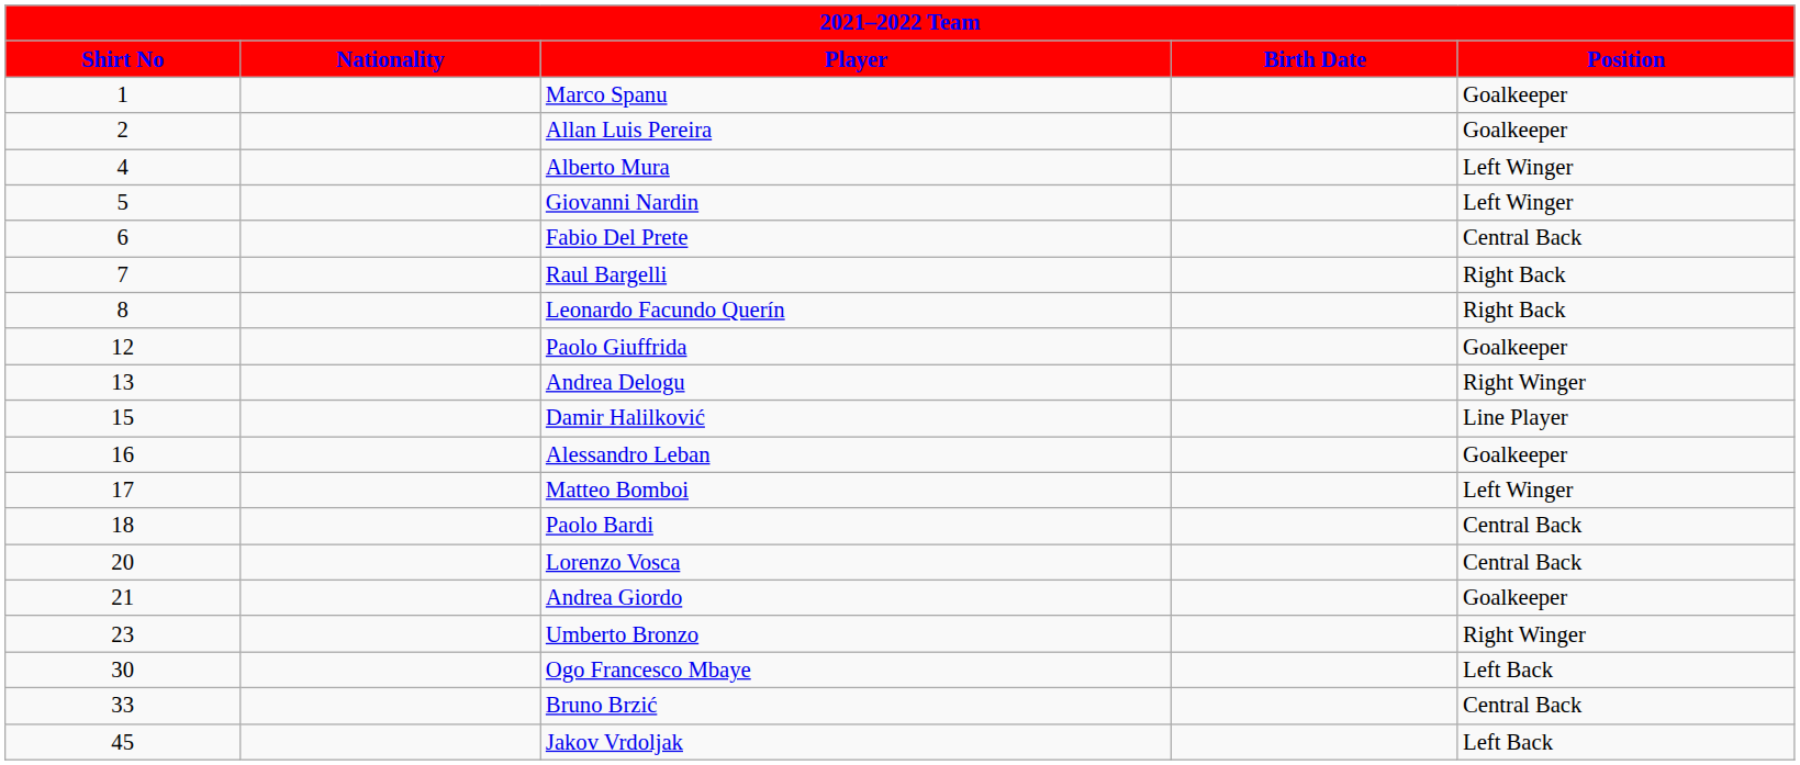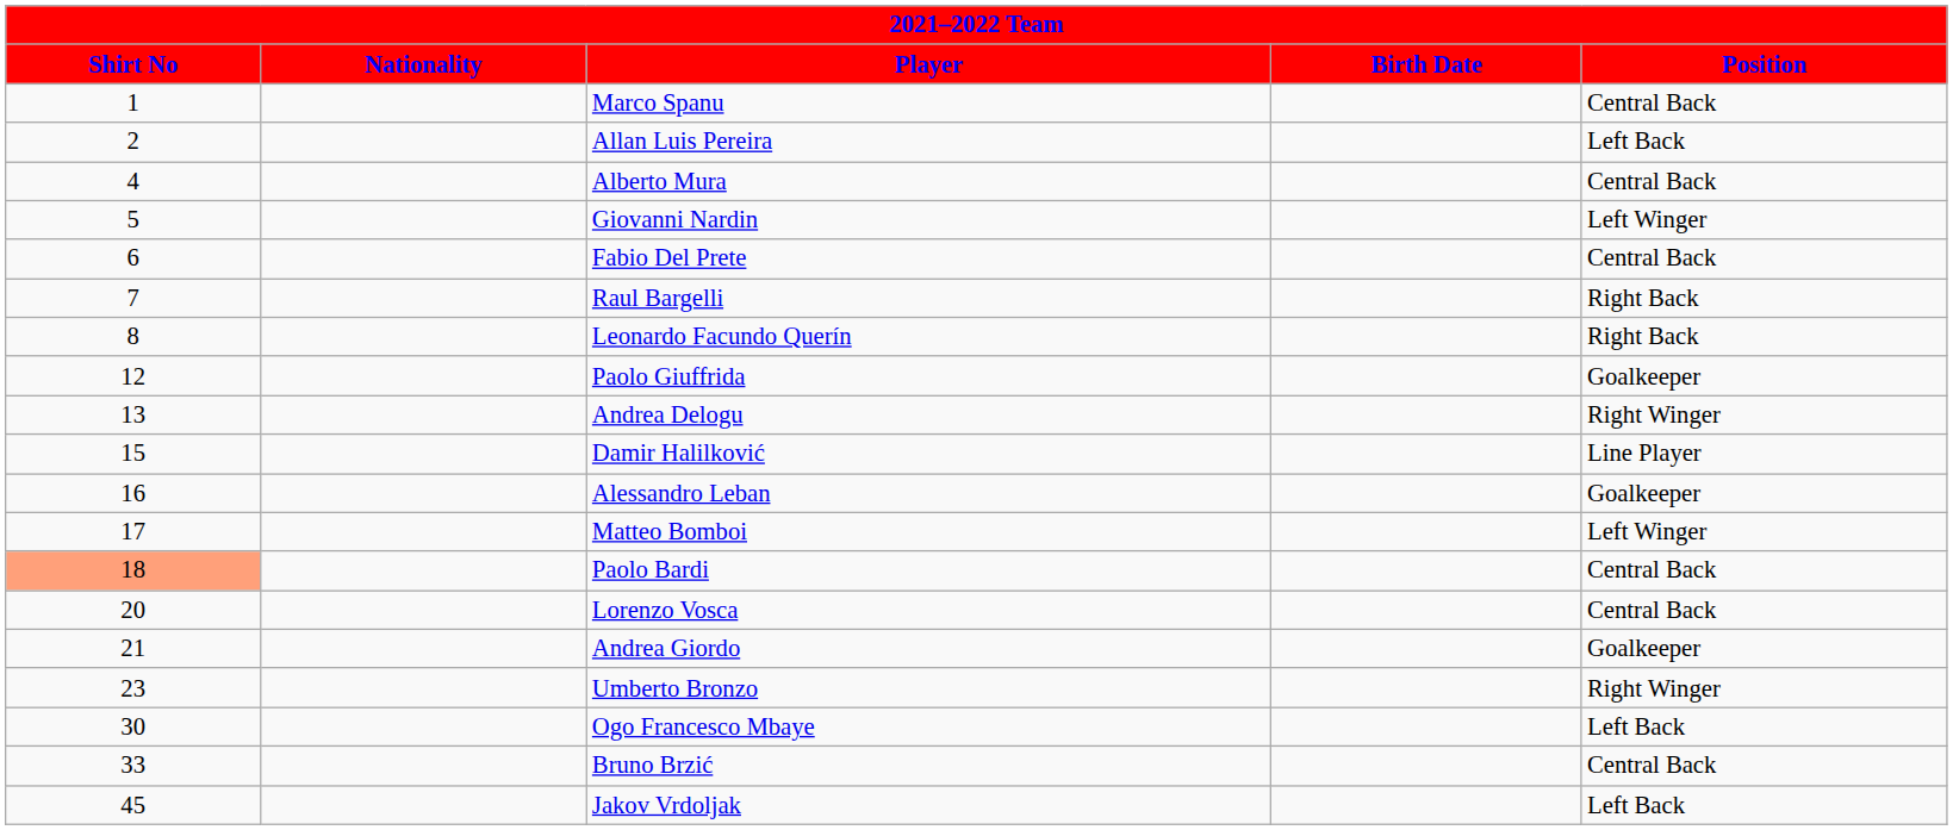 <table class="wikitable collapsible collapsed" style="width:100%">
 <tr>
 <th colspan=5 style="background-color:red;color:blue;text-align:center;"><strong>2021–2022 Team</strong></th>
 </tr>
 <tr>
 <th style="color:blue; background:red">Shirt No</th>
 <th style="color:blue; background:red">Nationality</th>
 <th style="color:blue; background:red">Player</th>
 <th style="color:blue; background:red">Birth Date</th>
 <th style="color:blue; background:red">Position</th>
 </tr>
 <tr>
 <td align=center>1</td>
 <td></td>
 <td><a href='#'>Marco Spanu</a></td>
 <td></td>
-<td>Goalkeeper</td>
+<td>Central Back</td>
 </tr>
 <tr>
 <td align=center>2</td>
 <td></td>
 <td><a href='#'>Allan Luis Pereira</a></td>
 <td></td>
-<td>Goalkeeper</td>
+<td>Left Back</td>
 </tr>
 <tr>
 <td align=center>4</td>
 <td></td>
 <td><a href='#'>Alberto Mura</a></td>
 <td></td>
-<td>Left Winger</td>
+<td>Central Back</td>
 </tr>
 <tr>
 <td align=center>5</td>
 <td></td>
 <td><a href='#'>Giovanni Nardin</a></td>
 <td></td>
 <td>Left Winger</td>
 </tr>
 <tr>
 <td align=center>6</td>
 <td></td>
 <td><a href='#'>Fabio Del Prete</a></td>
 <td></td>
 <td>Central Back</td>
 </tr>
 <tr>
 <td align=center>7</td>
 <td></td>
 <td><a href='#'>Raul Bargelli</a></td>
 <td></td>
 <td>Right Back</td>
 </tr>
 <tr>
 <td align=center>8</td>
 <td></td>
 <td><a href='#'>Leonardo Facundo Querín</a></td>
 <td></td>
 <td>Right Back</td>
 </tr>
 <tr>
 <td align=center>12</td>
 <td></td>
 <td><a href='#'>Paolo Giuffrida</a></td>
 <td></td>
 <td>Goalkeeper</td>
 </tr>
 <tr>
 <td align=center>13</td>
 <td></td>
 <td><a href='#'>Andrea Delogu</a></td>
 <td></td>
 <td>Right Winger</td>
 </tr>
 <tr>
 <td align=center>15</td>
 <td></td>
 <td><a href='#'>Damir Halilković</a></td>
 <td></td>
 <td>Line Player</td>
 </tr>
 <tr>
 <td align=center>16</td>
 <td></td>
 <td><a href='#'>Alessandro Leban</a></td>
 <td></td>
 <td>Goalkeeper</td>
 </tr>
 <tr>
 <td align=center>17</td>
 <td></td>
 <td><a href='#'>Matteo Bomboi</a></td>
 <td></td>
 <td>Left Winger</td>
 </tr>
 <tr>
-<td align=center>18</td>
+<td align=center style="background: lightsalmon;">18</td>
 <td></td>
 <td><a href='#'>Paolo Bardi</a></td>
 <td></td>
 <td>Central Back</td>
 </tr>
 <tr>
 <td align=center>20</td>
 <td></td>
 <td><a href='#'>Lorenzo Vosca</a></td>
 <td></td>
 <td>Central Back</td>
 </tr>
 <tr>
 <td align=center>21</td>
 <td></td>
 <td><a href='#'>Andrea Giordo</a></td>
 <td></td>
 <td>Goalkeeper</td>
 </tr>
 <tr>
 <td align=center>23</td>
 <td></td>
 <td><a href='#'>Umberto Bronzo</a></td>
 <td></td>
 <td>Right Winger</td>
 </tr>
 <tr>
 <td align=center>30</td>
 <td></td>
 <td><a href='#'>Ogo Francesco Mbaye</a></td>
 <td></td>
 <td>Left Back</td>
 </tr>
 <tr>
 <td align=center>33</td>
 <td></td>
 <td><a href='#'>Bruno Brzić</a></td>
 <td></td>
 <td>Central Back</td>
 </tr>
 <tr>
 <td align=center>45</td>
 <td></td>
 <td><a href='#'>Jakov Vrdoljak</a></td>
 <td></td>
 <td>Left Back</td>
 </tr>
 </table>
